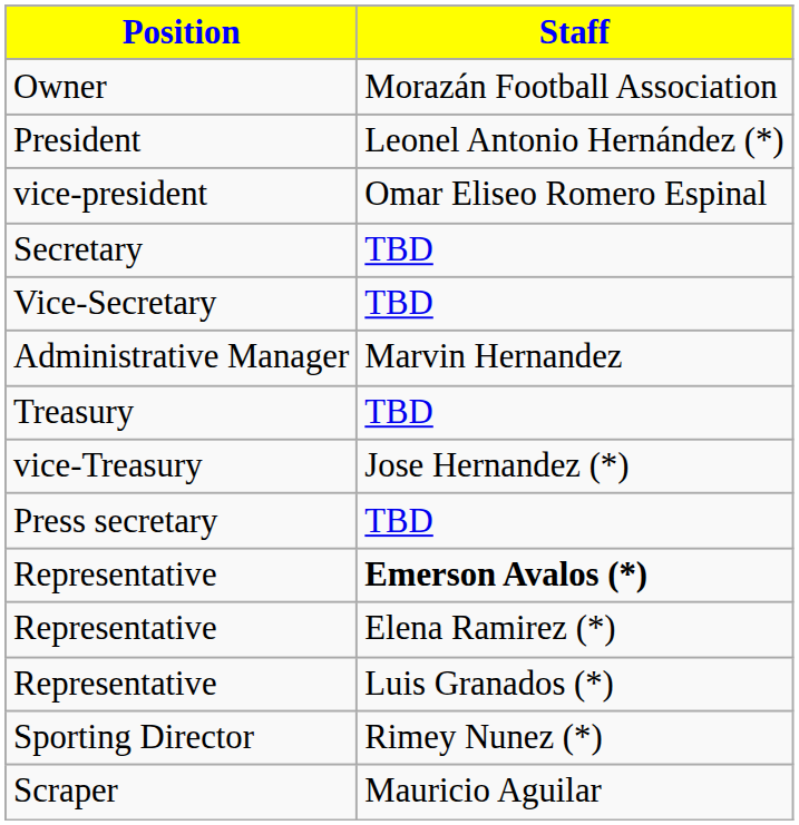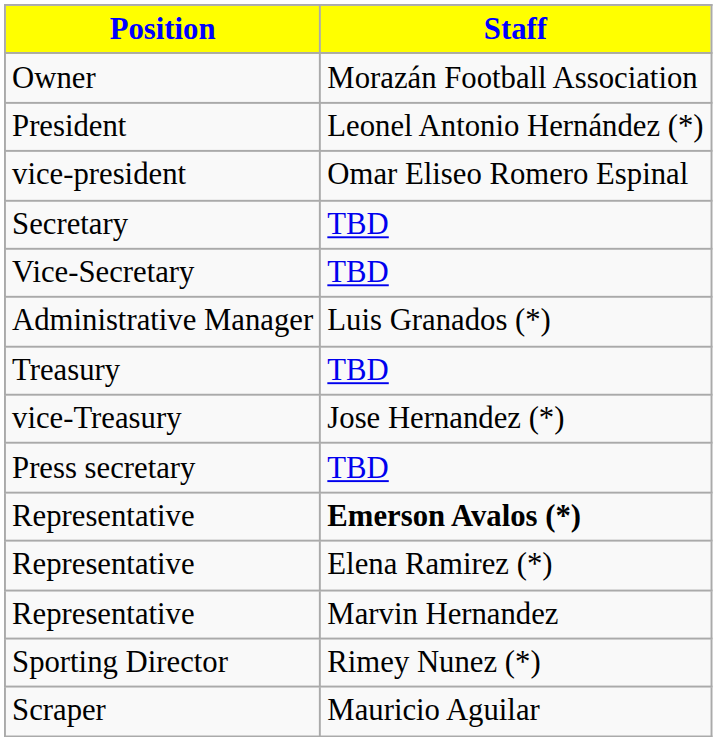 <table class="wikitable">
 <tr>
 <th style="color:Blue; background:#FFFF00;">Position</th>
 <th style="color:Blue; background:#FFFF00;">Staff</th>
 </tr>
 <tr>
 <td>Owner</td>
 <td> Morazán Football Association</td>
 </tr>
 <tr>
 <td>President</td>
 <td> Leonel Antonio Hernández (*)</td>
 </tr>
 <tr>
 <td>vice-president</td>
 <td> Omar Eliseo Romero Espinal</td>
 </tr>
 <tr>
 <td>Secretary</td>
 <td> <a href='#'>TBD</a></td>
 </tr>
 <tr>
 <td>Vice-Secretary</td>
 <td> <a href='#'>TBD</a></td>
 </tr>
 <tr>
 <td>Administrative Manager</td>
-<td> Marvin Hernandez</td>
+<td> Luis Granados (*)</td>
 </tr>
 <tr>
 <td>Treasury</td>
 <td> <a href='#'>TBD</a></td>
 </tr>
 <tr>
 <td>vice-Treasury</td>
 <td> Jose Hernandez (*)</td>
 </tr>
 <tr>
 <td>Press secretary</td>
 <td> <a href='#'>TBD</a></td>
 </tr>
 <tr>
 <td>Representative</td>
 <td><strong> Emerson Avalos (*)</strong></td>
 </tr>
 <tr>
 <td>Representative</td>
 <td> Elena Ramirez (*)</td>
 </tr>
 <tr>
 <td>Representative</td>
-<td> Luis Granados (*)</td>
+<td> Marvin Hernandez</td>
 </tr>
 <tr>
 <td>Sporting Director</td>
 <td> Rimey Nunez (*)</td>
 </tr>
 <tr>
 <td>Scraper</td>
 <td>  Mauricio Aguilar</td>
 </tr>
 </table>
